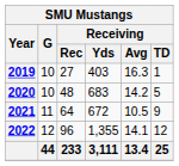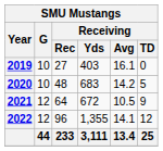 <table class="wikitable">
 <tr style="font-weight:bold; text-align:center;">
 <th colspan="16">SMU Mustangs</th>
 </tr>
 <tr>
 <th rowspan="2">Year</th>
 <th rowspan="2">G</th>
 <th colspan="4">Receiving</th>
 </tr>
 <tr style="font-weight:bold;">
 <th>Rec</th>
 <th>Yds</th>
 <th>Avg</th>
 <th>TD</th>
 </tr>
 <tr>
 <th style="font-weight:bold;"><a href='#'>2019</a></th>
 <td>10</td>
 <td>27</td>
 <td>403</td>
-<td>16.3</td>
-<td>1</td>
+<td>16.1</td>
+<td>0</td>
 </tr>
 <tr>
 <th style="font-weight:bold;"><a href='#'>2020</a></th>
 <td>10</td>
 <td>48</td>
 <td>683</td>
 <td>14.2</td>
 <td>5</td>
 </tr>
 <tr>
 <th style="font-weight:bold;"><a href='#'>2021</a></th>
-<td>11</td>
+<td>12</td>
 <td>64</td>
 <td>672</td>
 <td>10.5</td>
 <td>9</td>
 </tr>
 <tr>
 <th style="font-weight:bold;"><a href='#'>2022</a></th>
 <td>12</td>
 <td>96</td>
 <td>1,355</td>
 <td>14.1</td>
 <td>12</td>
 </tr>
 <tr style="font-weight:bold;">
 <th></th>
 <th>44</th>
 <th>233</th>
 <th>3,111</th>
 <th>13.4</th>
 <th>25</th>
 </tr>
 <tr>
 </tr>
 </table>
